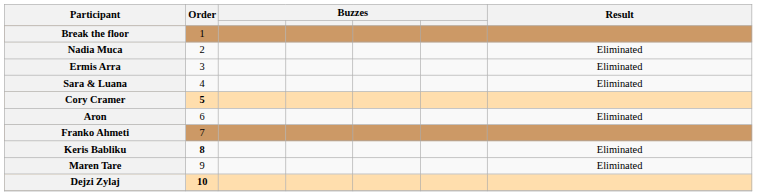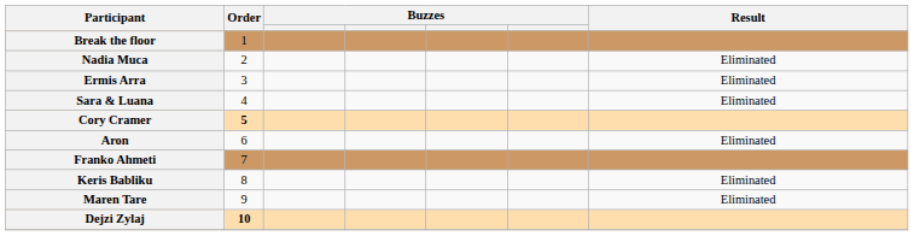 <table class="wikitable plainrowheaders sortable" style="text-align:center;">
 <tr>
 <th scope="col" rowspan="2" class="unsortable" style="width:17em;">Participant</th>
 <th scope="col" rowspan="2" style="width:1em;">Order</th>
 <th scope="col" colspan="4" class="unsortable" style="width:24em;">Buzzes</th>
 <th scope="col" rowspan="2" style="width:25em;">Result</th>
 </tr>
 <tr>
 <th scope="col" class="unsortable" style="width:6em;"></th>
 <th scope="col" class="unsortable" style="width:6em;"></th>
 <th scope="col" class="unsortable" style="width:6em;"></th>
 <th scope="col" class="unsortable" style="width:6em;"></th>
 </tr>
 <tr bgcolor=#c96>
 <th scope="row">Break the floor</th>
 <td>1</td>
 <td style="text-align:center;"></td>
 <td style="text-align:center;"></td>
 <td style="text-align:center;"></td>
 <td style="text-align:center;"></td>
 <td></td>
 </tr>
 <tr>
 <th scope="row">Nadia Muca</th>
 <td>2</td>
 <td style="text-align:center;"></td>
 <td style="text-align:center;"></td>
 <td style="text-align:center;"></td>
 <td style="text-align:center;"></td>
 <td>Eliminated</td>
 </tr>
 <tr>
 <th scope="row">Ermis Arra</th>
 <td>3</td>
 <td style="text-align:center;"></td>
 <td style="text-align:center;"></td>
 <td style="text-align:center;"></td>
 <td style="text-align:center;"></td>
 <td>Eliminated</td>
 </tr>
 <tr>
 <th scope="row">Sara & Luana</th>
 <td>4</td>
 <td style="text-align:center;"></td>
 <td style="text-align:center;"></td>
 <td style="text-align:center;"></td>
 <td style="text-align:center;"></td>
 <td>Eliminated</td>
 </tr>
 <tr bgcolor=navajowhite>
 <th scope="row"><strong>Cory Cramer</strong></th>
 <td><strong>5</strong></td>
 <td style="text-align:center;"></td>
 <td style="text-align:center;"></td>
 <td style="text-align:center;"></td>
 <td style="text-align:center;"></td>
 <td><strong></strong></td>
 </tr>
 <tr>
 <th scope="row">Aron</th>
 <td>6</td>
 <td style="text-align:center;"></td>
 <td style="text-align:center;"></td>
 <td style="text-align:center;"></td>
 <td style="text-align:center;"></td>
 <td>Eliminated</td>
 </tr>
 <tr bgcolor=#c96>
 <th scope="row">Franko Ahmeti</th>
 <td>7</td>
 <td style="text-align:center;"></td>
 <td style="text-align:center;"></td>
 <td style="text-align:center;"></td>
 <td style="text-align:center;"></td>
 <td></td>
 </tr>
 <tr>
 <th scope="row">Keris Babliku</th>
-<td><strong>8</strong></td>
+<td>8</td>
 <td style="text-align:center;"></td>
 <td style="text-align:center;"></td>
 <td style="text-align:center;"></td>
 <td style="text-align:center;"></td>
 <td>Eliminated</td>
 </tr>
 <tr>
 <th scope="row">Maren Tare</th>
 <td>9</td>
 <td style="text-align:center;"></td>
 <td style="text-align:center;"></td>
 <td style="text-align:center;"></td>
 <td style="text-align:center;"></td>
 <td>Eliminated</td>
 </tr>
 <tr bgcolor=navajowhite>
 <th scope="row"><strong>Dejzi Zylaj</strong></th>
 <td><strong>10</strong></td>
 <td style="text-align:center;"></td>
 <td style="text-align:center;"></td>
 <td style="text-align:center;"></td>
 <td style="text-align:center;"></td>
 <td><strong></strong></td>
 </tr>
 <tr>
 </tr>
 </table>
